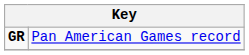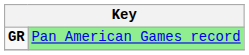 <table class="wikitable"  style="font-size:95%;position:relative;">
 <tr>
 <th colspan=2>Key</th>
 </tr>
 <tr>
 <td><strong>GR</strong></td>
-<td><a href='#'>Pan American Games record</a></td>
+<td style="background: lightgreen;"><a href='#'>Pan American Games record</a></td>
 </tr>
 <tr>
 </tr>
 </table>
